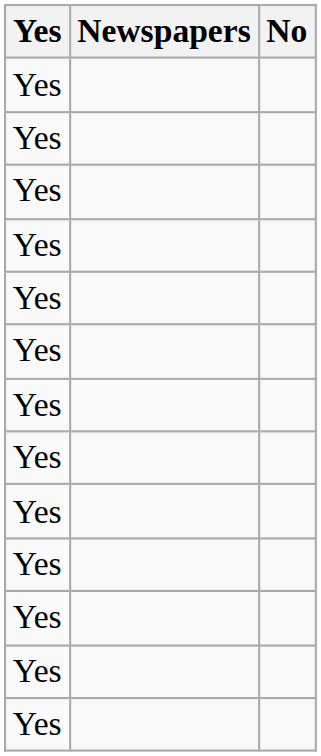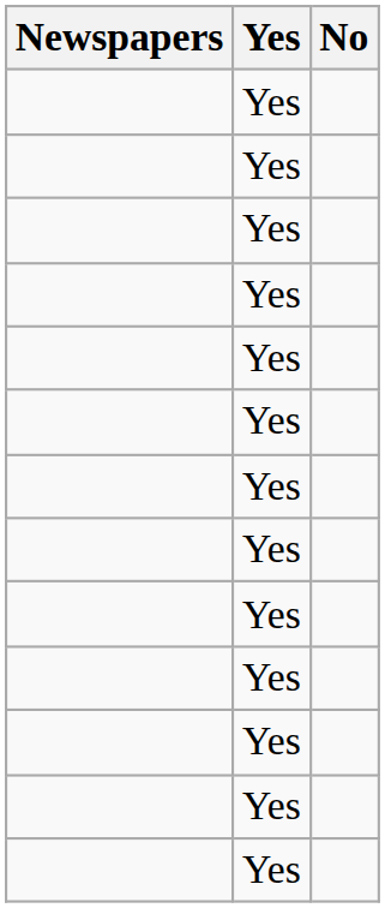 <table class="wikitable">
 <tr>
+<th>Newspapers</th>
 <th>Yes</th>
-<th>Newspapers</th>
 <th>No</th>
 </tr>
 <tr>
+<td></td>
 <td>Yes</td>
-<td></td>
 <td></td>
 </tr>
 <tr>
+<td></td>
 <td>Yes</td>
-<td></td>
 <td></td>
 </tr>
 <tr>
+<td></td>
 <td>Yes</td>
-<td></td>
 <td></td>
 </tr>
 <tr>
+<td></td>
 <td>Yes</td>
-<td></td>
 <td></td>
 </tr>
 <tr>
+<td></td>
 <td>Yes</td>
-<td></td>
 <td></td>
 </tr>
 <tr>
+<td></td>
 <td>Yes</td>
-<td></td>
 <td></td>
 </tr>
 <tr>
+<td></td>
 <td>Yes</td>
-<td></td>
 <td></td>
 </tr>
 <tr>
+<td></td>
 <td>Yes</td>
-<td></td>
 <td></td>
 </tr>
 <tr>
+<td></td>
 <td>Yes</td>
-<td></td>
 <td></td>
 </tr>
 <tr>
+<td></td>
 <td>Yes</td>
-<td></td>
 <td></td>
 </tr>
 <tr>
+<td></td>
 <td>Yes</td>
-<td></td>
 <td></td>
 </tr>
 <tr>
+<td></td>
 <td>Yes</td>
-<td></td>
 <td></td>
 </tr>
 <tr>
+<td></td>
 <td>Yes</td>
-<td></td>
 <td></td>
 </tr>
 </table>
